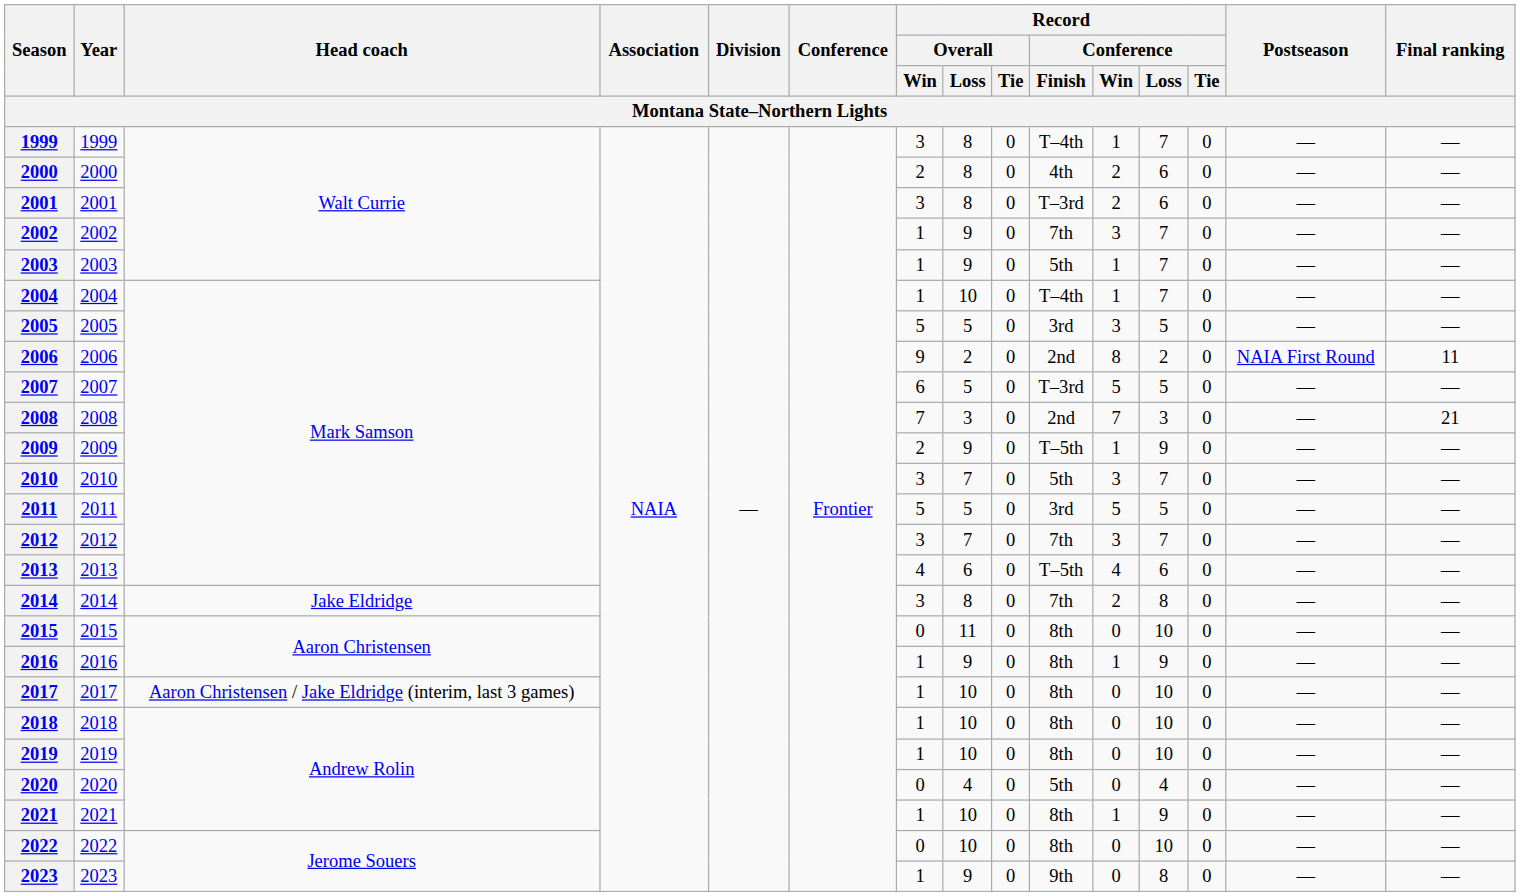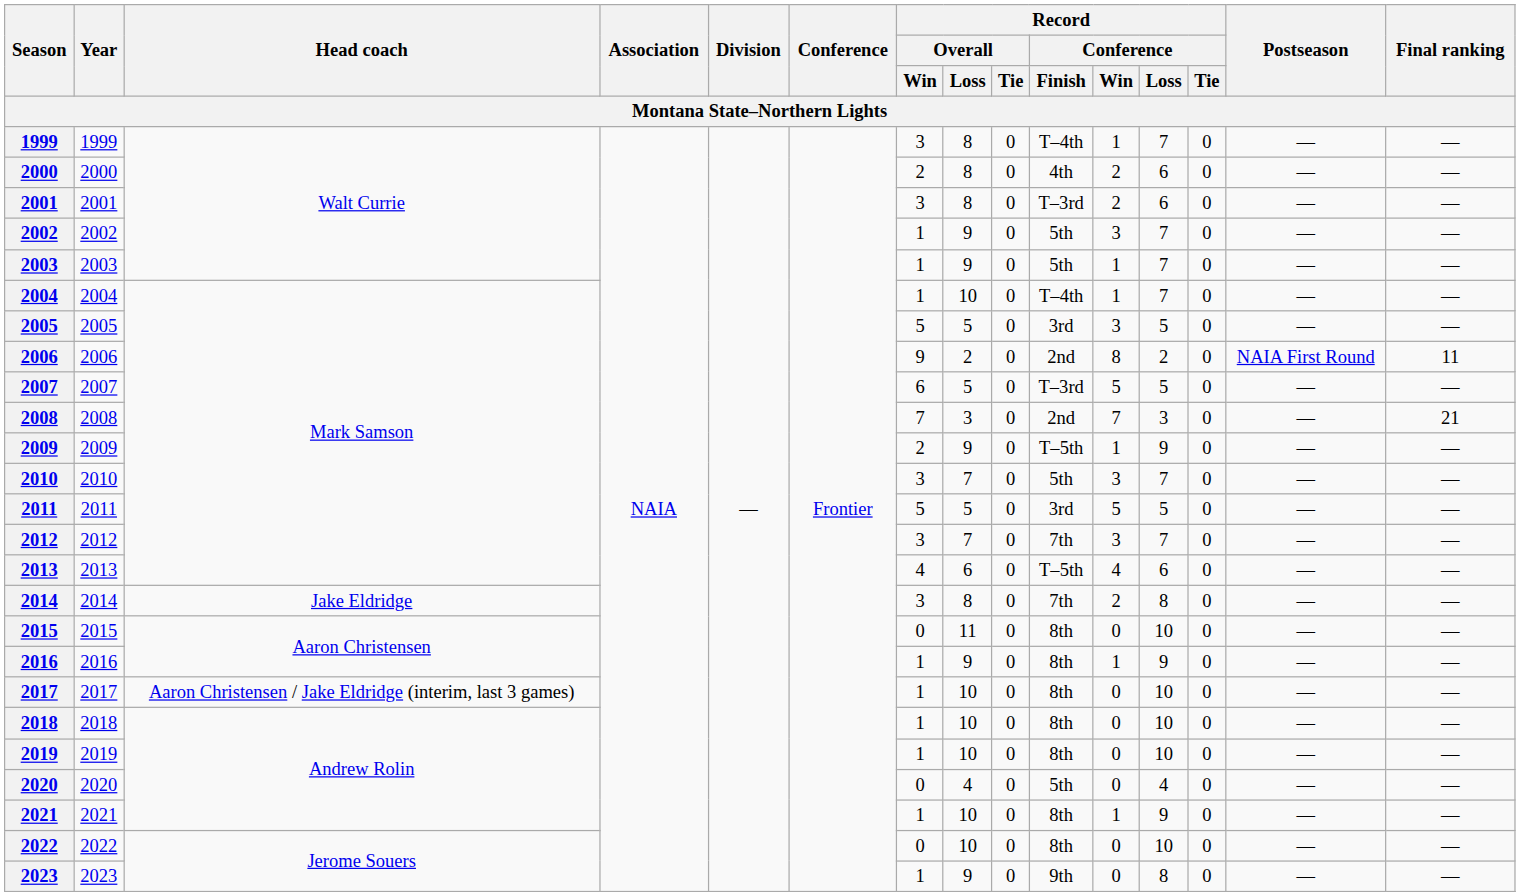 <table class="wikitable" style="font-size: 95%; width:98%;text-align:center;">
 <tr>
 <th rowspan="3">Season</th>
 <th rowspan="3">Year</th>
 <th rowspan="3">Head coach</th>
 <th rowspan="3">Association</th>
 <th rowspan="3">Division</th>
 <th rowspan="3">Conference</th>
 <th colspan="7">Record</th>
 <th rowspan="3">Postseason</th>
 <th rowspan="3">Final ranking</th>
 </tr>
 <tr>
 <th colspan="3">Overall</th>
 <th colspan="4">Conference</th>
 </tr>
 <tr>
 <th>Win</th>
 <th>Loss</th>
 <th>Tie</th>
 <th>Finish</th>
 <th>Win</th>
 <th>Loss</th>
 <th>Tie</th>
 </tr>
 <tr>
 <th colspan="15">Montana State–Northern Lights</th>
 </tr>
 <tr>
 <th><a href='#'>1999</a></th>
 <td><a href='#'>1999</a></td>
 <td rowspan="5"><a href='#'>Walt Currie</a></td>
 <td rowspan="25"><a href='#'>NAIA</a></td>
 <td rowspan="25">—</td>
 <td rowspan="25"><a href='#'>Frontier</a></td>
 <td>3</td>
 <td>8</td>
 <td>0</td>
 <td>T–4th</td>
 <td>1</td>
 <td>7</td>
 <td>0</td>
 <td>—</td>
 <td>—</td>
 </tr>
 <tr>
 <th><a href='#'>2000</a></th>
 <td><a href='#'>2000</a></td>
 <td>2</td>
 <td>8</td>
 <td>0</td>
 <td>4th</td>
 <td>2</td>
 <td>6</td>
 <td>0</td>
 <td>—</td>
 <td>—</td>
 </tr>
 <tr>
 <th><a href='#'>2001</a></th>
 <td><a href='#'>2001</a></td>
 <td>3</td>
 <td>8</td>
 <td>0</td>
 <td>T–3rd</td>
 <td>2</td>
 <td>6</td>
 <td>0</td>
 <td>—</td>
 <td>—</td>
 </tr>
 <tr>
 <th><a href='#'>2002</a></th>
 <td><a href='#'>2002</a></td>
 <td>1</td>
 <td>9</td>
 <td>0</td>
-<td>7th</td>
+<td>5th</td>
 <td>3</td>
 <td>7</td>
 <td>0</td>
 <td>—</td>
 <td>—</td>
 </tr>
 <tr>
 <th><a href='#'>2003</a></th>
 <td><a href='#'>2003</a></td>
 <td>1</td>
 <td>9</td>
 <td>0</td>
 <td>5th</td>
 <td>1</td>
 <td>7</td>
 <td>0</td>
 <td>—</td>
 <td>—</td>
 </tr>
 <tr>
 <th><a href='#'>2004</a></th>
 <td><a href='#'>2004</a></td>
 <td rowspan="10"><a href='#'>Mark Samson</a></td>
 <td>1</td>
 <td>10</td>
 <td>0</td>
 <td>T–4th</td>
 <td>1</td>
 <td>7</td>
 <td>0</td>
 <td>—</td>
 <td>—</td>
 </tr>
 <tr>
 <th><a href='#'>2005</a></th>
 <td><a href='#'>2005</a></td>
 <td>5</td>
 <td>5</td>
 <td>0</td>
 <td>3rd</td>
 <td>3</td>
 <td>5</td>
 <td>0</td>
 <td>—</td>
 <td>—</td>
 </tr>
 <tr>
 <th><a href='#'>2006</a></th>
 <td><a href='#'>2006</a></td>
 <td>9</td>
 <td>2</td>
 <td>0</td>
 <td>2nd</td>
 <td>8</td>
 <td>2</td>
 <td>0</td>
 <td><a href='#'>NAIA First Round</a></td>
 <td>11</td>
 </tr>
 <tr>
 <th><a href='#'>2007</a></th>
 <td><a href='#'>2007</a></td>
 <td>6</td>
 <td>5</td>
 <td>0</td>
 <td>T–3rd</td>
 <td>5</td>
 <td>5</td>
 <td>0</td>
 <td>—</td>
 <td>—</td>
 </tr>
 <tr>
 <th><a href='#'>2008</a></th>
 <td><a href='#'>2008</a></td>
 <td>7</td>
 <td>3</td>
 <td>0</td>
 <td>2nd</td>
 <td>7</td>
 <td>3</td>
 <td>0</td>
 <td>—</td>
 <td>21</td>
 </tr>
 <tr>
 <th><a href='#'>2009</a></th>
 <td><a href='#'>2009</a></td>
 <td>2</td>
 <td>9</td>
 <td>0</td>
 <td>T–5th</td>
 <td>1</td>
 <td>9</td>
 <td>0</td>
 <td>—</td>
 <td>—</td>
 </tr>
 <tr>
 <th><a href='#'>2010</a></th>
 <td><a href='#'>2010</a></td>
 <td>3</td>
 <td>7</td>
 <td>0</td>
 <td>5th</td>
 <td>3</td>
 <td>7</td>
 <td>0</td>
 <td>—</td>
 <td>—</td>
 </tr>
 <tr>
 <th><a href='#'>2011</a></th>
 <td><a href='#'>2011</a></td>
 <td>5</td>
 <td>5</td>
 <td>0</td>
 <td>3rd</td>
 <td>5</td>
 <td>5</td>
 <td>0</td>
 <td>—</td>
 <td>—</td>
 </tr>
 <tr>
 <th><a href='#'>2012</a></th>
 <td><a href='#'>2012</a></td>
 <td>3</td>
 <td>7</td>
 <td>0</td>
 <td>7th</td>
 <td>3</td>
 <td>7</td>
 <td>0</td>
 <td>—</td>
 <td>—</td>
 </tr>
 <tr>
 <th><a href='#'>2013</a></th>
 <td><a href='#'>2013</a></td>
 <td>4</td>
 <td>6</td>
 <td>0</td>
 <td>T–5th</td>
 <td>4</td>
 <td>6</td>
 <td>0</td>
 <td>—</td>
 <td>—</td>
 </tr>
 <tr>
 <th><a href='#'>2014</a></th>
 <td><a href='#'>2014</a></td>
 <td><a href='#'>Jake Eldridge</a></td>
 <td>3</td>
 <td>8</td>
 <td>0</td>
 <td>7th</td>
 <td>2</td>
 <td>8</td>
 <td>0</td>
 <td>—</td>
 <td>—</td>
 </tr>
 <tr>
 <th><a href='#'>2015</a></th>
 <td><a href='#'>2015</a></td>
 <td rowspan="2"><a href='#'>Aaron Christensen</a></td>
 <td>0</td>
 <td>11</td>
 <td>0</td>
 <td>8th</td>
 <td>0</td>
 <td>10</td>
 <td>0</td>
 <td>—</td>
 <td>—</td>
 </tr>
 <tr>
 <th><a href='#'>2016</a></th>
 <td><a href='#'>2016</a></td>
 <td>1</td>
 <td>9</td>
 <td>0</td>
 <td>8th</td>
 <td>1</td>
 <td>9</td>
 <td>0</td>
 <td>—</td>
 <td>—</td>
 </tr>
 <tr>
 <th><a href='#'>2017</a></th>
 <td><a href='#'>2017</a></td>
 <td><a href='#'>Aaron Christensen</a> / <a href='#'>Jake Eldridge</a> (interim, last 3 games)</td>
 <td>1</td>
 <td>10</td>
 <td>0</td>
 <td>8th</td>
 <td>0</td>
 <td>10</td>
 <td>0</td>
 <td>—</td>
 <td>—</td>
 </tr>
 <tr>
 <th><a href='#'>2018</a></th>
 <td><a href='#'>2018</a></td>
 <td rowspan="4"><a href='#'>Andrew Rolin</a></td>
 <td>1</td>
 <td>10</td>
 <td>0</td>
 <td>8th</td>
 <td>0</td>
 <td>10</td>
 <td>0</td>
 <td>—</td>
 <td>—</td>
 </tr>
 <tr>
 <th><a href='#'>2019</a></th>
 <td><a href='#'>2019</a></td>
 <td>1</td>
 <td>10</td>
 <td>0</td>
 <td>8th</td>
 <td>0</td>
 <td>10</td>
 <td>0</td>
 <td>—</td>
 <td>—</td>
 </tr>
 <tr>
 <th><a href='#'>2020</a></th>
 <td><a href='#'>2020</a></td>
 <td>0</td>
 <td>4</td>
 <td>0</td>
 <td>5th</td>
 <td>0</td>
 <td>4</td>
 <td>0</td>
 <td>—</td>
 <td>—</td>
 </tr>
 <tr>
 <th><a href='#'>2021</a></th>
 <td><a href='#'>2021</a></td>
 <td>1</td>
 <td>10</td>
 <td>0</td>
 <td>8th</td>
 <td>1</td>
 <td>9</td>
 <td>0</td>
 <td>—</td>
 <td>—</td>
 </tr>
 <tr>
 <th><a href='#'>2022</a></th>
 <td><a href='#'>2022</a></td>
 <td rowspan="2"><a href='#'>Jerome Souers</a></td>
 <td>0</td>
 <td>10</td>
 <td>0</td>
 <td>8th</td>
 <td>0</td>
 <td>10</td>
 <td>0</td>
 <td>—</td>
 <td>—</td>
 </tr>
 <tr>
 <th><a href='#'>2023</a></th>
 <td><a href='#'>2023</a></td>
 <td>1</td>
 <td>9</td>
 <td>0</td>
 <td>9th</td>
 <td>0</td>
 <td>8</td>
 <td>0</td>
 <td>—</td>
 <td>—</td>
 </tr>
 <tr>
 </tr>
 </table>
